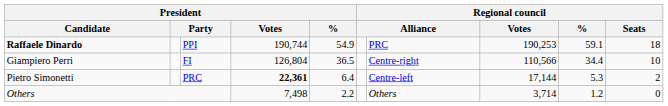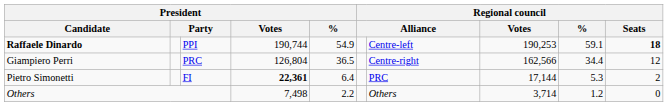 <table class="wikitable" style="text-align:right; style="width=65%">
 <tr>
 <th colspan="5">President</th>
 <th colspan="7">Regional council</th>
 </tr>
 <tr>
 <th>Candidate</th>
 <th colspan="2">Party</th>
 <th>Votes</th>
 <th>%</th>
 <th colspan="2">Alliance</th>
 <th>Votes</th>
 <th>%</th>
 <th>Seats</th>
 </tr>
 <tr>
 <td style="text-align:left"><strong>Raffaele Dinardo</strong></td>
 <td></td>
 <td style="text-align:left"><a href='#'>PPI</a></td>
 <td>190,744</td>
 <td>54.9</td>
 <td></td>
-<td style="text-align:left"><a href='#'>PRC</a></td>
+<td style="text-align:left"><a href='#'>Centre-left</a></td>
 <td>190,253</td>
 <td>59.1</td>
-<td>18</td>
+<td><strong>18</strong></td>
 </tr>
 <tr>
 <td style="text-align:left">Giampiero Perri</td>
 <td></td>
-<td style="text-align:left"><a href='#'>FI</a></td>
+<td style="text-align:left"><a href='#'>PRC</a></td>
 <td>126,804</td>
 <td>36.5</td>
 <td></td>
 <td style="text-align:left"><a href='#'>Centre-right</a></td>
-<td>110,566</td>
+<td>162,566</td>
 <td>34.4</td>
-<td>10</td>
+<td>12</td>
 </tr>
 <tr>
 <td style="text-align:left">Pietro Simonetti</td>
 <td></td>
-<td style="text-align:left"><a href='#'>PRC</a></td>
+<td style="text-align:left"><a href='#'>FI</a></td>
 <td><strong>22,361</strong></td>
 <td>6.4</td>
 <td></td>
-<td style="text-align:left"><a href='#'>Centre-left</a></td>
+<td style="text-align:left"><a href='#'>PRC</a></td>
 <td>17,144</td>
 <td>5.3</td>
 <td>2</td>
 </tr>
 <tr>
 <td colspan="3" style="text-align:left"><em>Others</em></td>
 <td>7,498</td>
 <td>2.2</td>
 <td></td>
 <td style="text-align:left"><em>Others</em></td>
 <td>3,714</td>
 <td>1.2</td>
 <td>0</td>
 </tr>
 </table>
